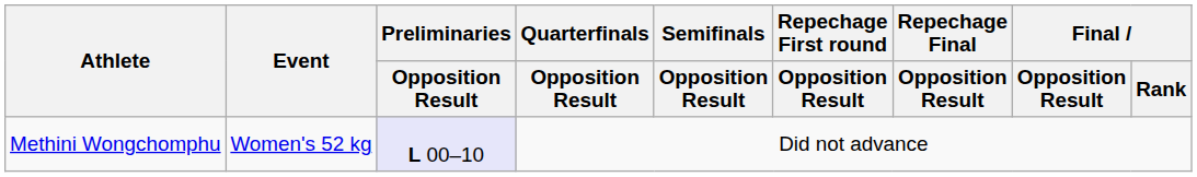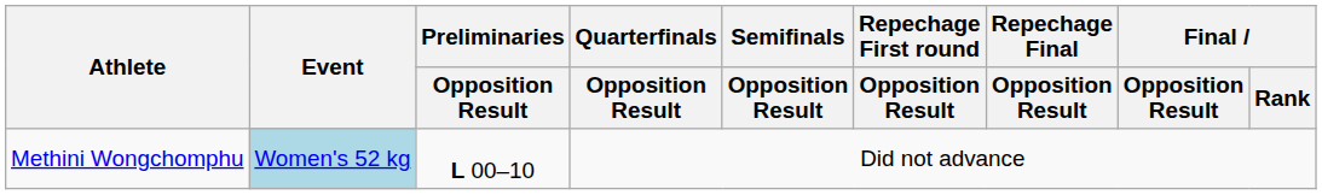 <table class="wikitable" style="font-size:90%">
 <tr>
 <th rowspan="2">Athlete</th>
 <th rowspan="2">Event</th>
 <th>Preliminaries</th>
 <th>Quarterfinals</th>
 <th>Semifinals</th>
 <th>Repechage<br>First round</th>
 <th>Repechage<br>Final</th>
 <th colspan="2">Final / </th>
 </tr>
 <tr>
 <th>Opposition<br>Result</th>
 <th>Opposition<br>Result</th>
 <th>Opposition<br>Result</th>
 <th>Opposition<br>Result</th>
 <th>Opposition<br>Result</th>
 <th>Opposition<br>Result</th>
 <th>Rank</th>
 </tr>
 <tr align=center>
 <td align=left><a href='#'>Methini Wongchomphu</a></td>
-<td align=left><a href='#'>Women's 52 kg</a></td>
-<td style="background: lavender;"><br> <strong>L</strong> 00–10</td>
+<td align=left style="background: lightblue;"><a href='#'>Women's 52 kg</a></td>
+<td><br> <strong>L</strong> 00–10</td>
 <td colspan=6>Did not advance</td>
 </tr>
 </table>
